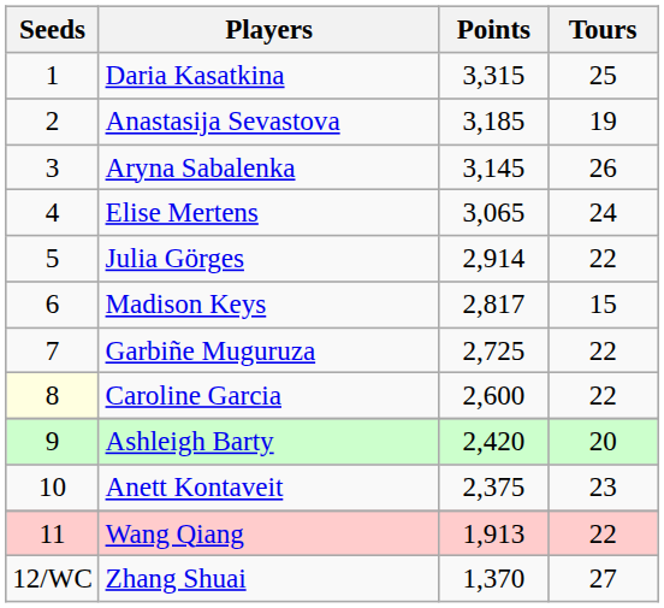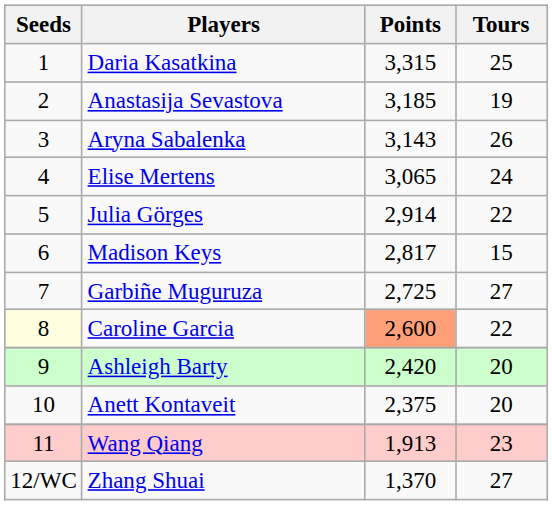 <table class="sortable wikitable"  style="float:right; text-align:center; font-size:90%; text:justify;">
 <tr>
 <th width=20>Seeds</th>
 <th width=170>Players</th>
 <th width=50>Points</th>
 <th width=50>Tours</th>
 </tr>
 <tr>
 <td>1</td>
 <td align=left> <a href='#'>Daria Kasatkina</a></td>
 <td>3,315</td>
 <td>25</td>
 </tr>
 <tr>
 <td>2</td>
 <td align=left> <a href='#'>Anastasija Sevastova</a></td>
 <td>3,185</td>
 <td>19</td>
 </tr>
 <tr>
 <td>3</td>
 <td align=left> <a href='#'>Aryna Sabalenka</a></td>
-<td>3,145</td>
+<td>3,143</td>
 <td>26</td>
 </tr>
 <tr>
 <td>4</td>
 <td align=left> <a href='#'>Elise Mertens</a></td>
 <td>3,065</td>
 <td>24</td>
 </tr>
 <tr>
 <td>5</td>
 <td align=left> <a href='#'>Julia Görges</a></td>
 <td>2,914</td>
 <td>22</td>
 </tr>
 <tr>
 <td>6</td>
 <td align=left> <a href='#'>Madison Keys</a></td>
 <td>2,817</td>
 <td>15</td>
 </tr>
 <tr>
 <td>7</td>
 <td align=left> <a href='#'>Garbiñe Muguruza</a></td>
 <td>2,725</td>
-<td>22</td>
+<td>27</td>
 </tr>
 <tr>
 <td style="background: lightyellow;">8</td>
 <td align=left> <a href='#'>Caroline Garcia</a></td>
-<td>2,600</td>
+<td style="background: lightsalmon;">2,600</td>
 <td>22</td>
 </tr>
 <tr>
 </tr>
 <tr style="background:#cfc;">
 <td>9</td>
 <td align=left> <a href='#'>Ashleigh Barty</a></td>
 <td>2,420</td>
 <td>20</td>
 </tr>
 <tr>
 <td>10</td>
 <td align=left> <a href='#'>Anett Kontaveit</a></td>
 <td>2,375</td>
-<td>23</td>
+<td>20</td>
 </tr>
 <tr>
 </tr>
 <tr style="background:#fcc;">
 <td>11</td>
 <td align=left> <a href='#'>Wang Qiang</a></td>
 <td>1,913</td>
-<td>22</td>
+<td>23</td>
 </tr>
 <tr>
 <td>12/WC</td>
 <td align=left> <a href='#'>Zhang Shuai</a></td>
 <td>1,370</td>
 <td>27</td>
 </tr>
 </table>
